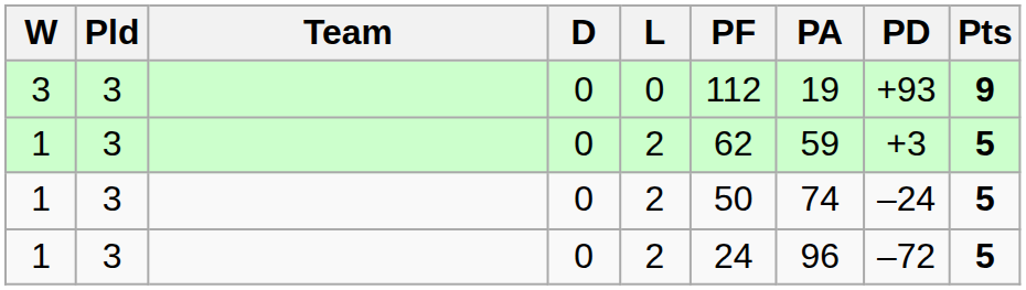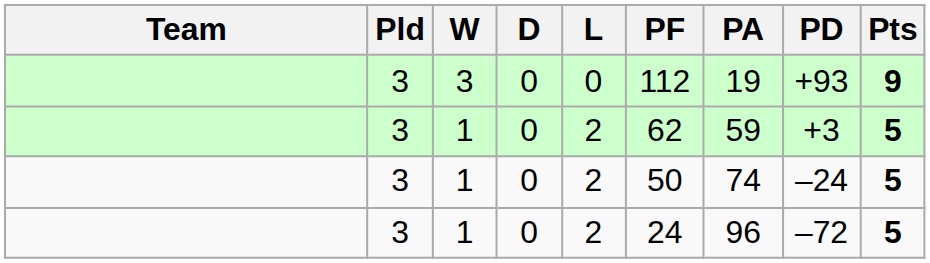 <table class="wikitable" style="text-align:center;">
 <tr>
+<th width=175>Team</th>
+<th width=25 abbr="Played">Pld</th>
 <th width=25 abbr="Won">W</th>
-<th width=25 abbr="Played">Pld</th>
-<th width=175>Team</th>
 <th width=25 abbr="Drawn">D</th>
 <th width=25 abbr="Lost">L</th>
 <th width=32 abbr="Points for">PF</th>
 <th width=32 abbr="Points against">PA</th>
 <th width=32 abbr="Points difference">PD</th>
 <th width=25 abbr="Points">Pts</th>
 </tr>
 <tr bgcolor=ccffcc>
+<td align=left></td>
 <td>3</td>
 <td>3</td>
-<td align=left></td>
 <td>0</td>
 <td>0</td>
 <td>112</td>
 <td>19</td>
 <td>+93</td>
 <td><strong>9</strong></td>
 </tr>
 <tr bgcolor=ccffcc>
+<td align=left></td>
+<td>3</td>
 <td>1</td>
-<td>3</td>
-<td align=left></td>
 <td>0</td>
 <td>2</td>
 <td>62</td>
 <td>59</td>
 <td>+3</td>
 <td><strong>5</strong></td>
 </tr>
 <tr>
+<td align=left></td>
+<td>3</td>
 <td>1</td>
-<td>3</td>
-<td align=left></td>
 <td>0</td>
 <td>2</td>
 <td>50</td>
 <td>74</td>
 <td>–24</td>
 <td><strong>5</strong></td>
 </tr>
 <tr>
+<td align=left></td>
+<td>3</td>
 <td>1</td>
-<td>3</td>
-<td align=left></td>
 <td>0</td>
 <td>2</td>
 <td>24</td>
 <td>96</td>
 <td>–72</td>
 <td><strong>5</strong></td>
 </tr>
 </table>
